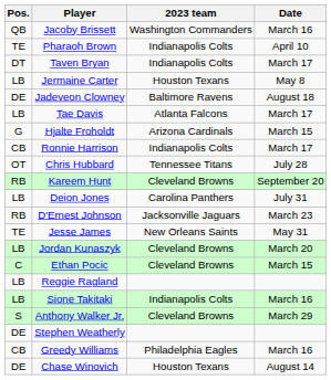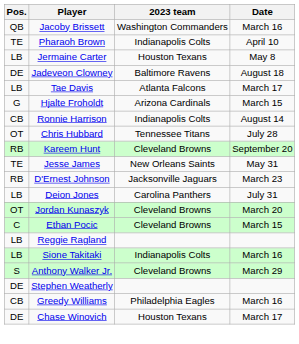 <table class="wikitable" style="text-align:center">
 <tr>
 <th>Pos.</th>
 <th>Player</th>
 <th>2023 team</th>
 <th>Date</th>
 </tr>
 <tr>
 <td>QB</td>
 <td><a href='#'>Jacoby Brissett</a></td>
 <td>Washington Commanders</td>
 <td>March 16</td>
 </tr>
 <tr>
 <td>TE</td>
 <td><a href='#'>Pharaoh Brown</a></td>
 <td>Indianapolis Colts</td>
 <td>April 10</td>
-</tr>
-<tr>
-<td>DT</td>
-<td><a href='#'>Taven Bryan</a></td>
-<td>Indianapolis Colts</td>
-<td>March 17</td>
 </tr>
 <tr>
 <td>LB</td>
 <td><a href='#'>Jermaine Carter</a></td>
 <td>Houston Texans</td>
 <td>May 8</td>
 </tr>
 <tr>
 <td>DE</td>
 <td><a href='#'>Jadeveon Clowney</a></td>
 <td>Baltimore Ravens</td>
 <td>August 18</td>
 </tr>
 <tr>
 <td>LB</td>
 <td><a href='#'>Tae Davis</a></td>
 <td>Atlanta Falcons</td>
 <td>March 17</td>
 </tr>
 <tr>
 <td>G</td>
 <td><a href='#'>Hjalte Froholdt</a></td>
 <td>Arizona Cardinals</td>
 <td>March 15</td>
 </tr>
 <tr>
 <td>CB</td>
 <td><a href='#'>Ronnie Harrison</a></td>
 <td>Indianapolis Colts</td>
-<td>March 17</td>
+<td>August 14</td>
 </tr>
 <tr>
 <td>OT</td>
 <td><a href='#'>Chris Hubbard</a></td>
 <td>Tennessee Titans</td>
 <td>July 28</td>
 </tr>
 <tr bgcolor="#ccffcc">
 <td>RB</td>
 <td><a href='#'>Kareem Hunt</a></td>
 <td>Cleveland Browns</td>
 <td>September 20</td>
 </tr>
 <tr>
-<td>LB</td>
-<td><a href='#'>Deion Jones</a></td>
-<td>Carolina Panthers</td>
-<td>July 31</td>
+<td>TE</td>
+<td><a href='#'>Jesse James</a></td>
+<td>New Orleans Saints</td>
+<td>May 31</td>
 </tr>
 <tr>
 <td>RB</td>
 <td><a href='#'>D'Ernest Johnson</a></td>
 <td>Jacksonville Jaguars</td>
 <td>March 23</td>
 </tr>
 <tr>
-<td>TE</td>
-<td><a href='#'>Jesse James</a></td>
-<td>New Orleans Saints</td>
-<td>May 31</td>
+<td>LB</td>
+<td><a href='#'>Deion Jones</a></td>
+<td>Carolina Panthers</td>
+<td>July 31</td>
 </tr>
 <tr bgcolor="#ccffcc">
-<td>LB</td>
+<td>OT</td>
 <td><a href='#'>Jordan Kunaszyk</a></td>
 <td>Cleveland Browns</td>
 <td>March 20</td>
 </tr>
 <tr bgcolor="#ccffcc">
 <td>C</td>
 <td><a href='#'>Ethan Pocic</a></td>
 <td>Cleveland Browns</td>
 <td>March 15</td>
 </tr>
 <tr>
 <td>LB</td>
 <td><a href='#'>Reggie Ragland</a></td>
 <td></td>
 <td></td>
 </tr>
 <tr bgcolor="#ccffcc">
 <td>LB</td>
 <td><a href='#'>Sione Takitaki</a></td>
 <td>Indianapolis Colts</td>
 <td>March 16</td>
 </tr>
 <tr bgcolor="#ccffcc">
 <td>S</td>
 <td><a href='#'>Anthony Walker Jr.</a></td>
 <td>Cleveland Browns</td>
 <td>March 29</td>
 </tr>
 <tr>
 <td>DE</td>
 <td><a href='#'>Stephen Weatherly</a></td>
 <td></td>
 <td></td>
 </tr>
 <tr>
 <td>CB</td>
 <td><a href='#'>Greedy Williams</a></td>
 <td>Philadelphia Eagles</td>
 <td>March 16</td>
 </tr>
 <tr>
 <td>DE</td>
 <td><a href='#'>Chase Winovich</a></td>
 <td>Houston Texans</td>
-<td>August 14</td>
+<td>March 17</td>
 </tr>
 </table>
